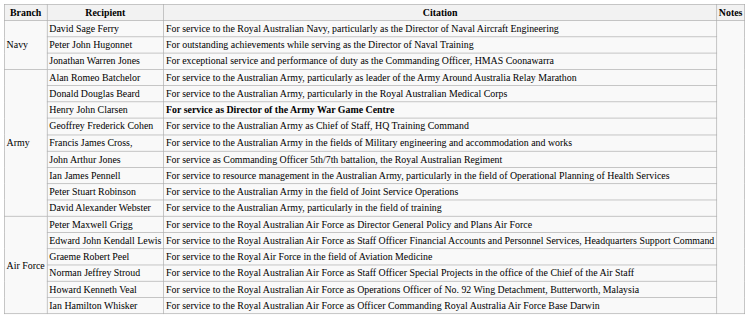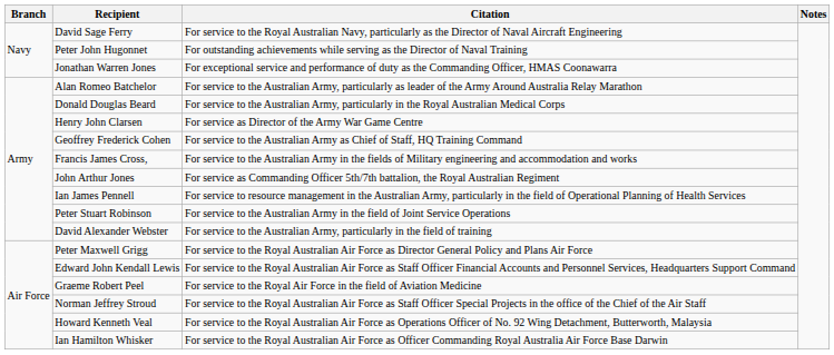 <table class="wikitable" style="font-size:95%;">
 <tr>
 <th>Branch</th>
 <th>Recipient</th>
 <th>Citation</th>
 <th>Notes</th>
 </tr>
 <tr>
 <td rowspan=3>Navy</td>
 <td> David Sage Ferry</td>
 <td>For service to the Royal Australian Navy, particularly as the Director of Naval Aircraft Engineering</td>
 <td rowspan=18></td>
 </tr>
 <tr>
 <td> Peter John Hugonnet</td>
 <td>For outstanding achievements while serving as the Director of Naval Training</td>
 </tr>
 <tr>
 <td> Jonathan Warren Jones</td>
 <td>For exceptional service and performance of duty as the Commanding Officer, HMAS Coonawarra</td>
 </tr>
 <tr>
 <td rowspan=9>Army</td>
 <td> Alan Romeo Batchelor</td>
 <td>For service to the Australian Army, particularly as leader of the Army Around Australia Relay Marathon</td>
 </tr>
 <tr>
 <td> Donald Douglas Beard </td>
 <td>For service to the Australian Army, particularly in the Royal Australian Medical Corps</td>
 </tr>
 <tr>
 <td> Henry John Clarsen</td>
-<td><strong>For service as Director of the Army War Game Centre</strong></td>
+<td>For service as Director of the Army War Game Centre</td>
 </tr>
 <tr>
 <td> Geoffrey Frederick Cohen</td>
 <td>For service to the Australian Army as Chief of Staff, HQ Training Command</td>
 </tr>
 <tr>
 <td> Francis James Cross, </td>
 <td>For service to the Australian Army in the fields of Military engineering and accommodation and works</td>
 </tr>
 <tr>
 <td> John Arthur Jones</td>
 <td>For service as Commanding Officer 5th/7th battalion, the Royal Australian Regiment</td>
 </tr>
 <tr>
 <td> Ian James Pennell</td>
 <td>For service to resource management in the Australian Army, particularly in the field of Operational Planning of Health Services</td>
 </tr>
 <tr>
 <td> Peter Stuart Robinson</td>
 <td>For service to the Australian Army in the field of Joint Service Operations</td>
 </tr>
 <tr>
 <td> David Alexander Webster</td>
 <td>For service to the Australian Army, particularly in the field of training</td>
 </tr>
 <tr>
 <td rowspan=6>Air Force</td>
 <td> Peter Maxwell Grigg</td>
 <td>For service to the Royal Australian Air Force as Director General Policy and Plans Air Force</td>
 </tr>
 <tr>
 <td> Edward John Kendall Lewis</td>
 <td>For service to the Royal Australian Air Force as Staff Officer Financial Accounts and Personnel Services, Headquarters Support Command</td>
 </tr>
 <tr>
 <td> Graeme Robert Peel</td>
 <td>For service to the Royal Air Force in the field of Aviation Medicine</td>
 </tr>
 <tr>
 <td> Norman Jeffrey Stroud</td>
 <td>For service to the Royal Australian Air Force as Staff Officer Special Projects in the office of the Chief of the Air Staff</td>
 </tr>
 <tr>
 <td> Howard Kenneth Veal</td>
 <td>For service to the Royal Australian Air Force as Operations Officer of No. 92 Wing Detachment, Butterworth, Malaysia</td>
 </tr>
 <tr>
 <td> Ian Hamilton Whisker</td>
 <td>For service to the Royal Australian Air Force as Officer Commanding Royal Australia Air Force Base Darwin</td>
 </tr>
 </table>
